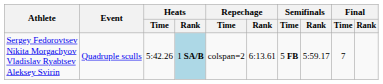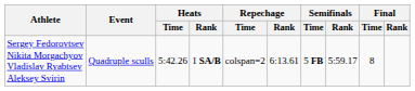 <table class="wikitable" style="font-size:90%">
 <tr>
 <th rowspan="2">Athlete</th>
 <th rowspan="2">Event</th>
 <th colspan="2">Heats</th>
 <th colspan="2">Repechage</th>
 <th colspan="2">Semifinals</th>
 <th colspan="2">Final</th>
 </tr>
 <tr style="font-size:95%">
 <th>Time</th>
 <th>Rank</th>
 <th>Time</th>
 <th>Rank</th>
 <th>Time</th>
 <th>Rank</th>
 <th>Time</th>
 <th>Rank</th>
 </tr>
 <tr align=center>
 <td align=left><a href='#'>Sergey Fedorovtsev</a><br><a href='#'>Nikita Morgachyov</a><br><a href='#'>Vladislav Ryabtsev</a><br><a href='#'>Aleksey Svirin</a></td>
 <td align=left><a href='#'>Quadruple sculls</a></td>
 <td>5:42.26</td>
-<td style="background: lightblue;">1 <strong>SA/B</strong></td>
+<td>1 <strong>SA/B</strong></td>
 <td>colspan=2 </td>
 <td>6:13.61</td>
 <td>5 <strong>FB</strong></td>
 <td>5:59.17</td>
-<td>7</td>
+<td>8</td>
 </tr>
 </table>
